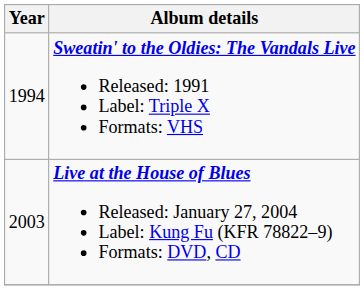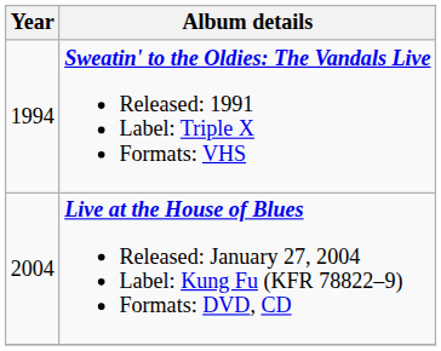 <table class ="wikitable">
 <tr>
 <th>Year</th>
 <th>Album details</th>
 </tr>
 <tr>
 <td>1994</td>
 <td><strong><em><a href='#'>Sweatin' to the Oldies: The Vandals Live</a></em></strong><br><ul><li>Released: 1991</li><li>Label: <a href='#'>Triple X</a></li><li>Formats: <a href='#'>VHS</a></li></ul></td>
 </tr>
 <tr>
-<td>2003</td>
+<td>2004</td>
 <td><strong><em><a href='#'>Live at the House of Blues</a></em></strong><br><ul><li>Released: January 27, 2004</li><li>Label: <a href='#'>Kung Fu</a> (KFR 78822–9)</li><li>Formats: <a href='#'>DVD</a>, <a href='#'>CD</a></li></ul></td>
 </tr>
 <tr>
 </tr>
 </table>
